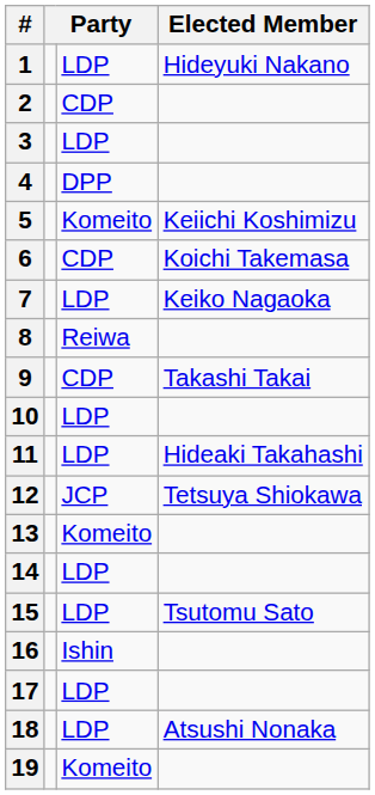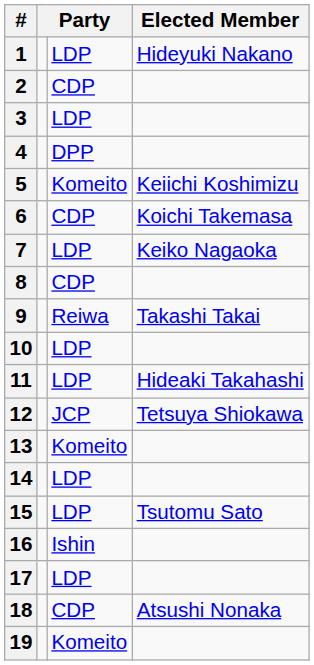 <table class="wikitable">
 <tr>
 <th>#</th>
 <th colspan=2>Party</th>
 <th>Elected Member</th>
 </tr>
 <tr>
 <th>1</th>
 <td style="background:"></td>
 <td><a href='#'>LDP</a></td>
 <td><a href='#'>Hideyuki Nakano</a></td>
 </tr>
 <tr>
 <th>2</th>
 <td style="background:"></td>
 <td><a href='#'>CDP</a></td>
 <td></td>
 </tr>
 <tr>
 <th>3</th>
 <td style="background:"></td>
 <td><a href='#'>LDP</a></td>
 <td></td>
 </tr>
 <tr>
 <th>4</th>
 <td style="background:"></td>
 <td><a href='#'>DPP</a></td>
 <td></td>
 </tr>
 <tr>
 <th>5</th>
 <td style="background:"></td>
 <td><a href='#'>Komeito</a></td>
 <td><a href='#'>Keiichi Koshimizu</a></td>
 </tr>
 <tr>
 <th>6</th>
 <td style="background:"></td>
 <td><a href='#'>CDP</a></td>
 <td><a href='#'>Koichi Takemasa</a></td>
 </tr>
 <tr>
 <th>7</th>
 <td style="background:"></td>
 <td><a href='#'>LDP</a></td>
 <td><a href='#'>Keiko Nagaoka</a></td>
 </tr>
 <tr>
 <th>8</th>
 <td style="background:"></td>
-<td><a href='#'>Reiwa</a></td>
+<td><a href='#'>CDP</a></td>
 <td></td>
 </tr>
 <tr>
 <th>9</th>
 <td style="background:"></td>
-<td><a href='#'>CDP</a></td>
+<td><a href='#'>Reiwa</a></td>
 <td><a href='#'>Takashi Takai</a></td>
 </tr>
 <tr>
 <th>10</th>
 <td style="background:"></td>
 <td><a href='#'>LDP</a></td>
 <td></td>
 </tr>
 <tr>
 <th>11</th>
 <td style="background:"></td>
 <td><a href='#'>LDP</a></td>
 <td><a href='#'>Hideaki Takahashi</a></td>
 </tr>
 <tr>
 <th>12</th>
 <td style="background:"></td>
 <td><a href='#'>JCP</a></td>
 <td><a href='#'>Tetsuya Shiokawa</a></td>
 </tr>
 <tr>
 <th>13</th>
 <td style="background:"></td>
 <td><a href='#'>Komeito</a></td>
 <td></td>
 </tr>
 <tr>
 <th>14</th>
 <td style="background:"></td>
 <td><a href='#'>LDP</a></td>
 <td></td>
 </tr>
 <tr>
 <th>15</th>
 <td style="background:"></td>
 <td><a href='#'>LDP</a></td>
 <td><a href='#'>Tsutomu Sato</a></td>
 </tr>
 <tr>
 <th>16</th>
 <td style="background:"></td>
 <td><a href='#'>Ishin</a></td>
 <td></td>
 </tr>
 <tr>
 <th>17</th>
 <td style="background:"></td>
 <td><a href='#'>LDP</a></td>
 <td></td>
 </tr>
 <tr>
 <th>18</th>
 <td style="background:"></td>
-<td><a href='#'>LDP</a></td>
+<td><a href='#'>CDP</a></td>
 <td><a href='#'>Atsushi Nonaka</a></td>
 </tr>
 <tr>
 <th>19</th>
 <td style="background:"></td>
 <td><a href='#'>Komeito</a></td>
 <td></td>
 </tr>
 </table>
